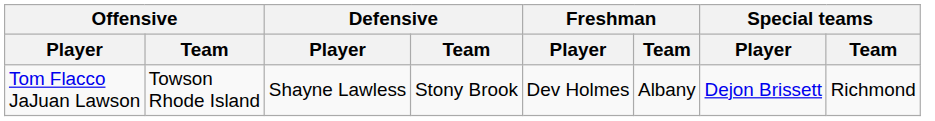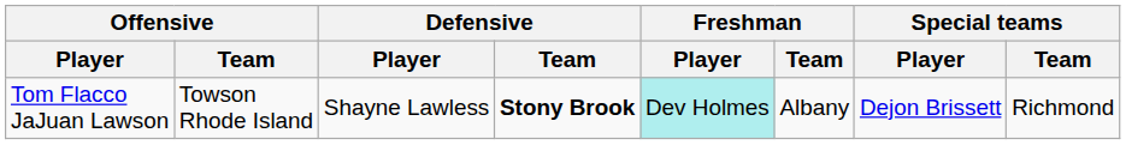 <table class="wikitable" border="1">
 <tr>
 <th colspan="2">Offensive</th>
 <th colspan="2">Defensive</th>
 <th colspan="2">Freshman</th>
 <th colspan="2">Special teams</th>
 </tr>
 <tr>
 <th>Player</th>
 <th>Team</th>
 <th>Player</th>
 <th>Team</th>
 <th>Player</th>
 <th>Team</th>
 <th>Player</th>
 <th>Team</th>
 </tr>
 <tr>
 <td><a href='#'>Tom Flacco</a><br>JaJuan Lawson</td>
 <td>Towson<br>Rhode Island</td>
 <td>Shayne Lawless</td>
-<td>Stony Brook</td>
-<td>Dev Holmes</td>
+<td><strong>Stony Brook</strong></td>
+<td style="background: paleturquoise;">Dev Holmes</td>
 <td>Albany</td>
 <td><a href='#'>Dejon Brissett</a></td>
 <td>Richmond</td>
 </tr>
 </table>
